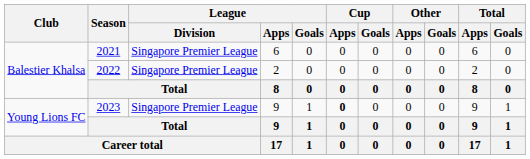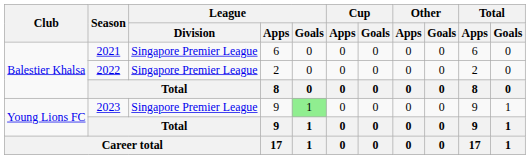 <table class="wikitable" style="text-align: center">
 <tr>
 <th rowspan="2">Club</th>
 <th rowspan="2">Season</th>
 <th colspan="3">League</th>
 <th colspan="2">Cup</th>
 <th colspan="2">Other</th>
 <th colspan="2">Total</th>
 </tr>
 <tr>
 <th>Division</th>
 <th>Apps</th>
 <th>Goals</th>
 <th>Apps</th>
 <th>Goals</th>
 <th>Apps</th>
 <th>Goals</th>
 <th>Apps</th>
 <th>Goals</th>
 </tr>
 <tr>
 <td rowspan="3"><a href='#'>Balestier Khalsa</a></td>
 <td><a href='#'>2021</a></td>
 <td><a href='#'>Singapore Premier League</a></td>
 <td>6</td>
 <td>0</td>
 <td>0</td>
 <td>0</td>
 <td>0</td>
 <td>0</td>
 <td>6</td>
 <td>0</td>
 </tr>
 <tr>
 <td><a href='#'>2022</a></td>
 <td><a href='#'>Singapore Premier League</a></td>
 <td>2</td>
 <td>0</td>
 <td>0</td>
 <td>0</td>
 <td>0</td>
 <td>0</td>
 <td>2</td>
 <td>0</td>
 </tr>
 <tr>
 <th colspan=2>Total</th>
 <th>8</th>
 <th>0</th>
 <th>0</th>
 <th>0</th>
 <th>0</th>
 <th>0</th>
 <th>8</th>
 <th>0</th>
 </tr>
 <tr>
 <td rowspan="2"><a href='#'>Young Lions FC</a></td>
 <td><a href='#'>2023</a></td>
 <td><a href='#'>Singapore Premier League</a></td>
 <td>9</td>
-<td>1</td>
-<td><strong>0</strong></td>
+<td style="background: lightgreen;">1</td>
+<td>0</td>
 <td>0</td>
 <td>0</td>
 <td>0</td>
 <td>9</td>
 <td>1</td>
 </tr>
 <tr>
 <th colspan=2>Total</th>
 <th>9</th>
 <th>1</th>
 <th>0</th>
 <th>0</th>
 <th>0</th>
 <th>0</th>
 <th>9</th>
 <th>1</th>
 </tr>
 <tr>
 <th colspan=3>Career total</th>
 <th>17</th>
 <th>1</th>
 <th>0</th>
 <th>0</th>
 <th>0</th>
 <th>0</th>
 <th>17</th>
 <th>1</th>
 </tr>
 </table>
